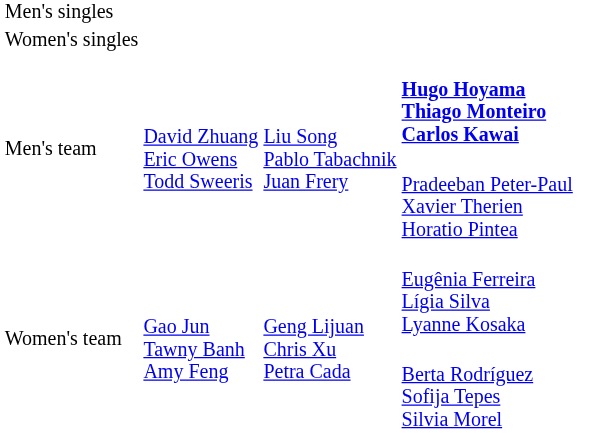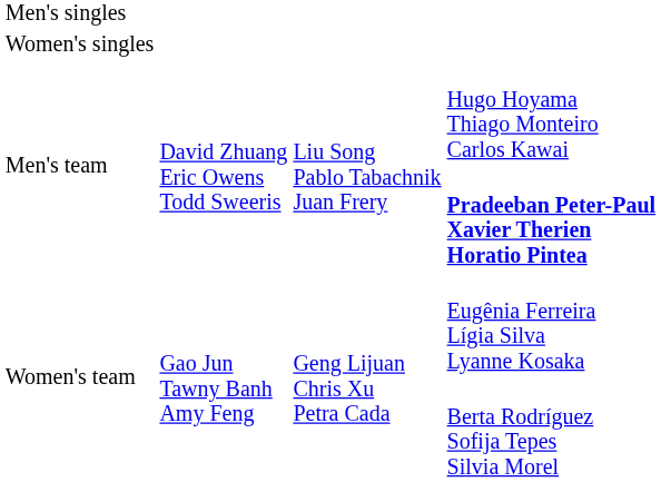 <table>
 <tr>
 <td rowspan=2>Men's singles<br></td>
 <td rowspan=2></td>
 <td rowspan=2></td>
 <td></td>
 </tr>
 <tr>
 <td></td>
 </tr>
 <tr>
 <td rowspan=2>Women's singles<br></td>
 <td rowspan=2></td>
 <td rowspan=2></td>
 <td></td>
 </tr>
 <tr>
 <td></td>
 </tr>
 <tr>
 <td rowspan=2>Men's team<br></td>
 <td rowspan=2><br><a href='#'>David Zhuang</a><br><a href='#'>Eric Owens</a><br><a href='#'>Todd Sweeris</a></td>
 <td rowspan=2><br><a href='#'>Liu Song</a><br><a href='#'>Pablo Tabachnik</a><br><a href='#'>Juan Frery</a></td>
-<td><strong><br><a href='#'>Hugo Hoyama</a><br><a href='#'>Thiago Monteiro</a><br><a href='#'>Carlos Kawai</a></strong></td>
+<td><br><a href='#'>Hugo Hoyama</a><br><a href='#'>Thiago Monteiro</a><br><a href='#'>Carlos Kawai</a></td>
 </tr>
 <tr>
-<td><br><a href='#'>Pradeeban Peter-Paul</a><br><a href='#'>Xavier Therien</a><br><a href='#'>Horatio Pintea</a></td>
+<td><strong><br><a href='#'>Pradeeban Peter-Paul</a><br><a href='#'>Xavier Therien</a><br><a href='#'>Horatio Pintea</a></strong></td>
 </tr>
 <tr>
 <td rowspan=2>Women's team<br></td>
 <td rowspan=2><br><a href='#'>Gao Jun</a><br><a href='#'>Tawny Banh</a><br><a href='#'>Amy Feng</a></td>
 <td rowspan=2><br><a href='#'>Geng Lijuan</a><br><a href='#'>Chris Xu</a><br><a href='#'>Petra Cada</a></td>
 <td><br><a href='#'>Eugênia Ferreira</a><br><a href='#'>Lígia Silva</a><br><a href='#'>Lyanne Kosaka</a></td>
 </tr>
 <tr>
 <td><br><a href='#'>Berta Rodríguez</a><br><a href='#'>Sofija Tepes</a><br><a href='#'>Silvia Morel</a></td>
 </tr>
 <tr>
 </tr>
 </table>
